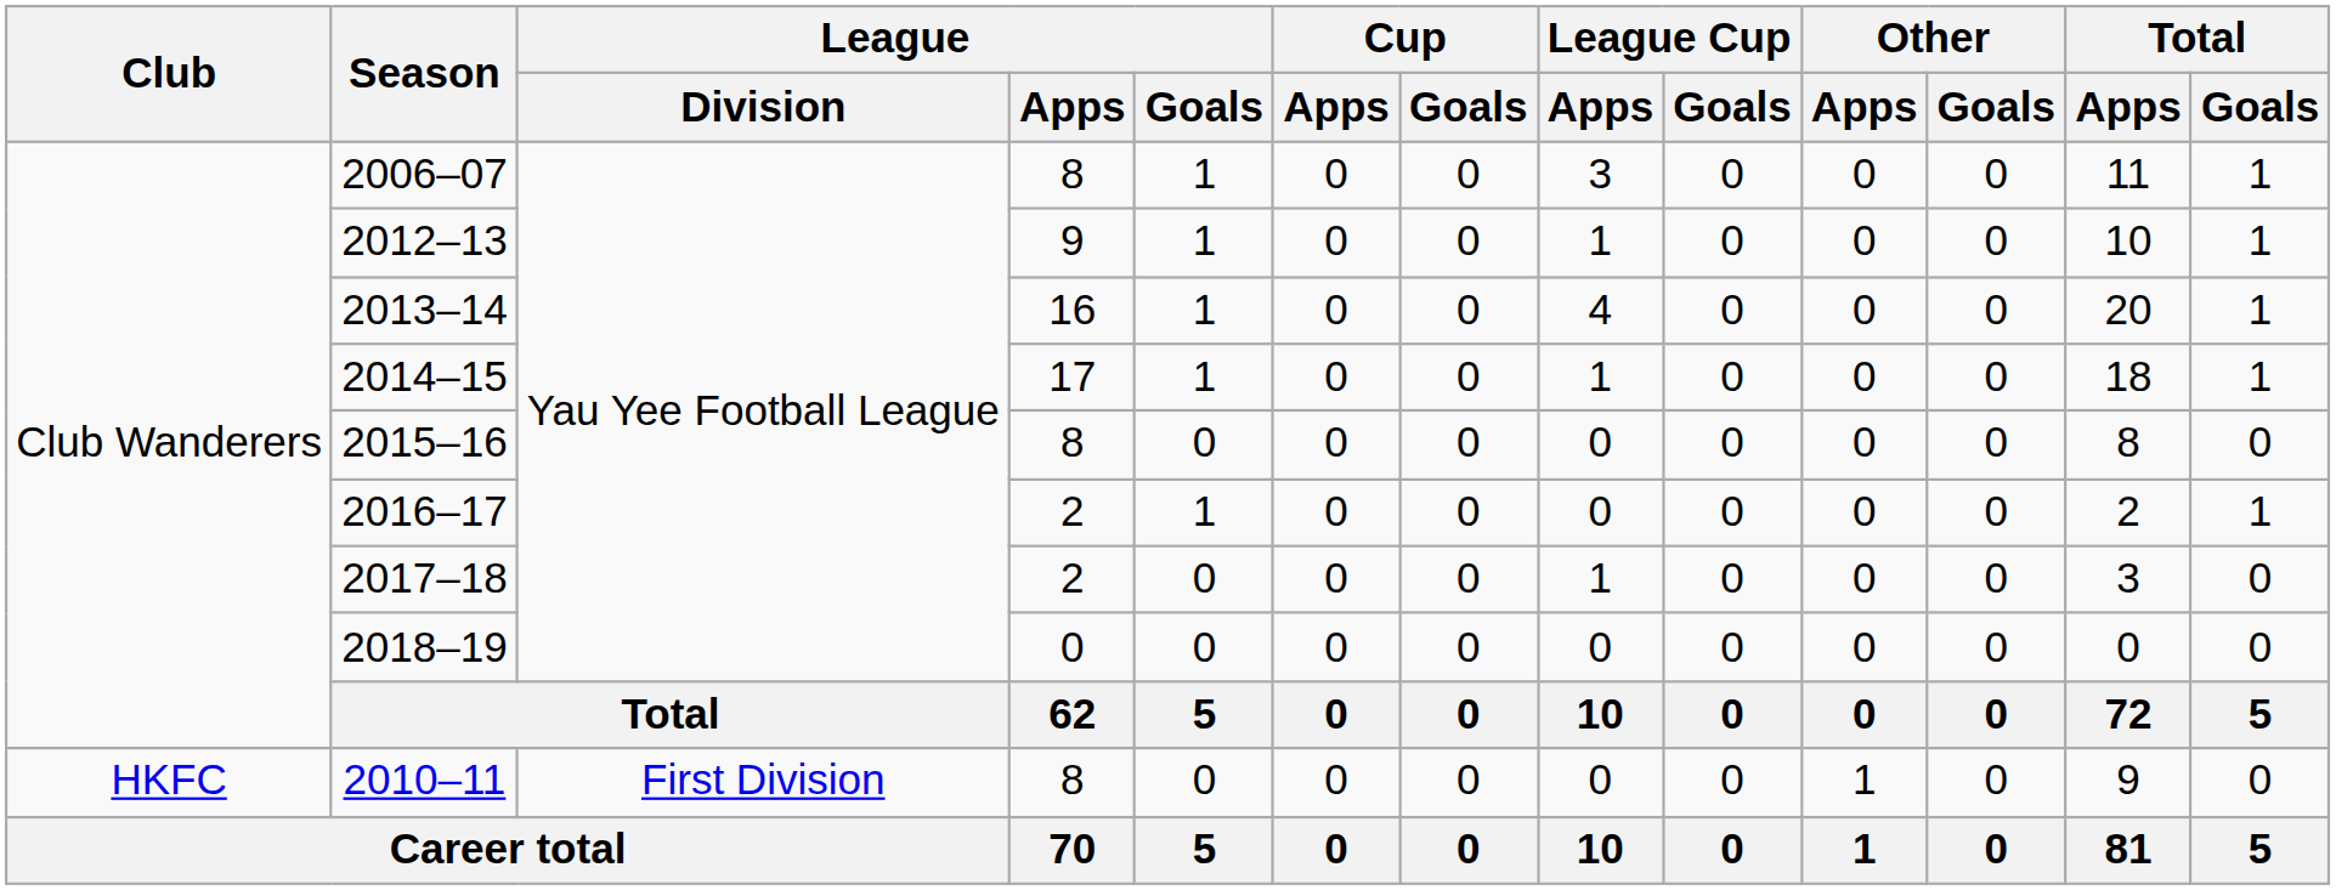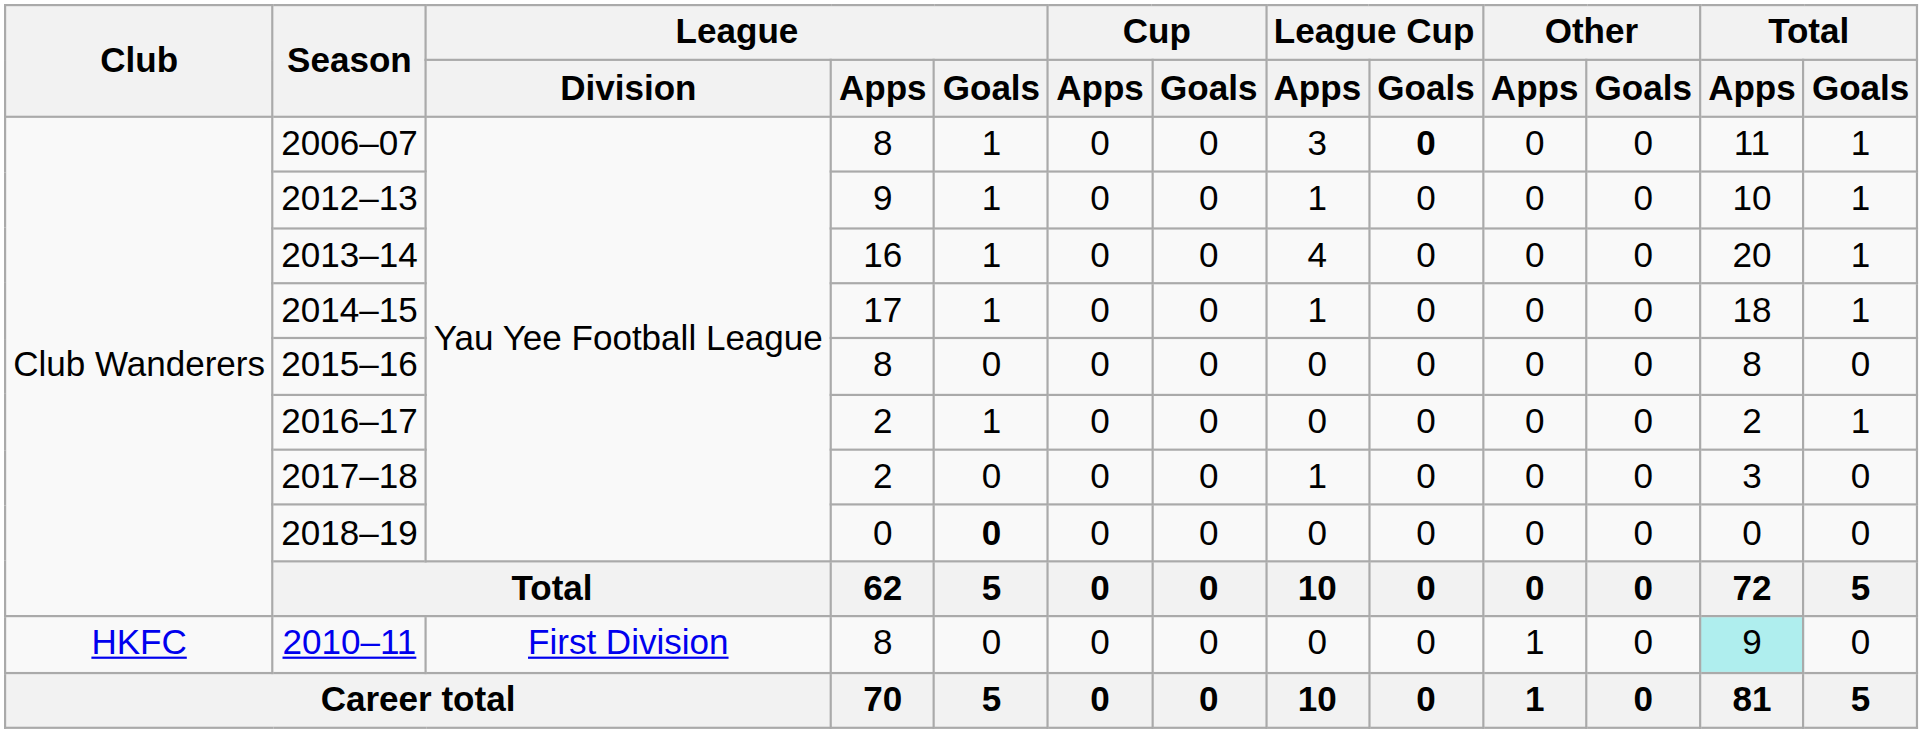 <table class="wikitable" style="text-align: center">
 <tr>
 <th rowspan="2">Club</th>
 <th rowspan="2">Season</th>
 <th colspan="3">League</th>
 <th colspan="2">Cup</th>
 <th colspan="2">League Cup</th>
 <th colspan="2">Other</th>
 <th colspan="2">Total</th>
 </tr>
 <tr>
 <th>Division</th>
 <th>Apps</th>
 <th>Goals</th>
 <th>Apps</th>
 <th>Goals</th>
 <th>Apps</th>
 <th>Goals</th>
 <th>Apps</th>
 <th>Goals</th>
 <th>Apps</th>
 <th>Goals</th>
 </tr>
 <tr>
 <td rowspan="9">Club Wanderers</td>
 <td>2006–07</td>
 <td rowspan="8">Yau Yee Football League</td>
 <td>8</td>
 <td>1</td>
 <td>0</td>
 <td>0</td>
 <td>3</td>
-<td>0</td>
+<td><strong>0</strong></td>
 <td>0</td>
 <td>0</td>
 <td>11</td>
 <td>1</td>
 </tr>
 <tr>
 <td>2012–13</td>
 <td>9</td>
 <td>1</td>
 <td>0</td>
 <td>0</td>
 <td>1</td>
 <td>0</td>
 <td>0</td>
 <td>0</td>
 <td>10</td>
 <td>1</td>
 </tr>
 <tr>
 <td>2013–14</td>
 <td>16</td>
 <td>1</td>
 <td>0</td>
 <td>0</td>
 <td>4</td>
 <td>0</td>
 <td>0</td>
 <td>0</td>
 <td>20</td>
 <td>1</td>
 </tr>
 <tr>
 <td>2014–15</td>
 <td>17</td>
 <td>1</td>
 <td>0</td>
 <td>0</td>
 <td>1</td>
 <td>0</td>
 <td>0</td>
 <td>0</td>
 <td>18</td>
 <td>1</td>
 </tr>
 <tr>
 <td>2015–16</td>
 <td>8</td>
 <td>0</td>
 <td>0</td>
 <td>0</td>
 <td>0</td>
 <td>0</td>
 <td>0</td>
 <td>0</td>
 <td>8</td>
 <td>0</td>
 </tr>
 <tr>
 <td>2016–17</td>
 <td>2</td>
 <td>1</td>
 <td>0</td>
 <td>0</td>
 <td>0</td>
 <td>0</td>
 <td>0</td>
 <td>0</td>
 <td>2</td>
 <td>1</td>
 </tr>
 <tr>
 <td>2017–18</td>
 <td>2</td>
 <td>0</td>
 <td>0</td>
 <td>0</td>
 <td>1</td>
 <td>0</td>
 <td>0</td>
 <td>0</td>
 <td>3</td>
 <td>0</td>
 </tr>
 <tr>
 <td>2018–19</td>
 <td>0</td>
-<td>0</td>
+<td><strong>0</strong></td>
 <td>0</td>
 <td>0</td>
 <td>0</td>
 <td>0</td>
 <td>0</td>
 <td>0</td>
 <td>0</td>
 <td>0</td>
 </tr>
 <tr>
 <th colspan="2">Total</th>
 <th>62</th>
 <th>5</th>
 <th>0</th>
 <th>0</th>
 <th>10</th>
 <th>0</th>
 <th>0</th>
 <th>0</th>
 <th>72</th>
 <th>5</th>
 </tr>
 <tr>
 <td><a href='#'>HKFC</a></td>
 <td><a href='#'>2010–11</a></td>
 <td><a href='#'>First Division</a></td>
 <td>8</td>
 <td>0</td>
 <td>0</td>
 <td>0</td>
 <td>0</td>
 <td>0</td>
 <td>1</td>
 <td>0</td>
-<td>9</td>
+<td style="background: paleturquoise;">9</td>
 <td>0</td>
 </tr>
 <tr>
 <th colspan="3">Career total</th>
 <th>70</th>
 <th>5</th>
 <th>0</th>
 <th>0</th>
 <th>10</th>
 <th>0</th>
 <th>1</th>
 <th>0</th>
 <th>81</th>
 <th>5</th>
 </tr>
 </table>
